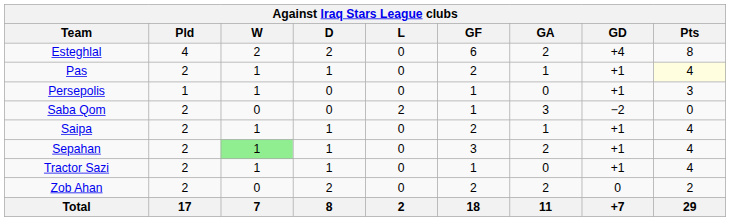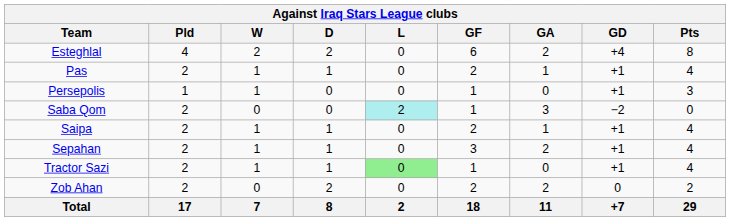 <table class="wikitable" width="60%" style="text-align:center">
 <tr>
 <th colspan="9">Against <a href='#'>Iraq Stars League</a> clubs</th>
 </tr>
 <tr>
 <th width="10%">Team</th>
 <th width="5%">Pld</th>
 <th width="5%">W</th>
 <th width="5%">D</th>
 <th width="5%">L</th>
 <th width="5%">GF</th>
 <th width="5%">GA</th>
 <th width="5%">GD</th>
 <th width="5%">Pts</th>
 </tr>
 <tr>
 <td><a href='#'>Esteghlal</a></td>
 <td>4</td>
 <td>2</td>
 <td>2</td>
 <td>0</td>
 <td>6</td>
 <td>2</td>
 <td>+4</td>
 <td>8</td>
 </tr>
 <tr>
 <td><a href='#'>Pas</a></td>
 <td>2</td>
 <td>1</td>
 <td>1</td>
 <td>0</td>
 <td>2</td>
 <td>1</td>
 <td>+1</td>
-<td style="background: lightyellow;">4</td>
+<td>4</td>
 </tr>
 <tr>
 <td><a href='#'>Persepolis</a></td>
 <td>1</td>
 <td>1</td>
 <td>0</td>
 <td>0</td>
 <td>1</td>
 <td>0</td>
 <td>+1</td>
 <td>3</td>
 </tr>
 <tr>
 <td><a href='#'>Saba Qom</a></td>
 <td>2</td>
 <td>0</td>
 <td>0</td>
-<td>2</td>
+<td style="background: paleturquoise;">2</td>
 <td>1</td>
 <td>3</td>
 <td>−2</td>
 <td>0</td>
 </tr>
 <tr>
 <td><a href='#'>Saipa</a></td>
 <td>2</td>
 <td>1</td>
 <td>1</td>
 <td>0</td>
 <td>2</td>
 <td>1</td>
 <td>+1</td>
 <td>4</td>
 </tr>
 <tr>
 <td><a href='#'>Sepahan</a></td>
 <td>2</td>
-<td style="background: lightgreen;">1</td>
+<td>1</td>
 <td>1</td>
 <td>0</td>
 <td>3</td>
 <td>2</td>
 <td>+1</td>
 <td>4</td>
 </tr>
 <tr>
 <td><a href='#'>Tractor Sazi</a></td>
 <td>2</td>
 <td>1</td>
 <td>1</td>
-<td>0</td>
+<td style="background: lightgreen;">0</td>
 <td>1</td>
 <td>0</td>
 <td>+1</td>
 <td>4</td>
 </tr>
 <tr>
 <td><a href='#'>Zob Ahan</a></td>
 <td>2</td>
 <td>0</td>
 <td>2</td>
 <td>0</td>
 <td>2</td>
 <td>2</td>
 <td>0</td>
 <td>2</td>
 </tr>
 <tr>
 <th>Total</th>
 <th>17</th>
 <th>7</th>
 <th>8</th>
 <th>2</th>
 <th>18</th>
 <th>11</th>
 <th>+7</th>
 <th>29</th>
 </tr>
 </table>
